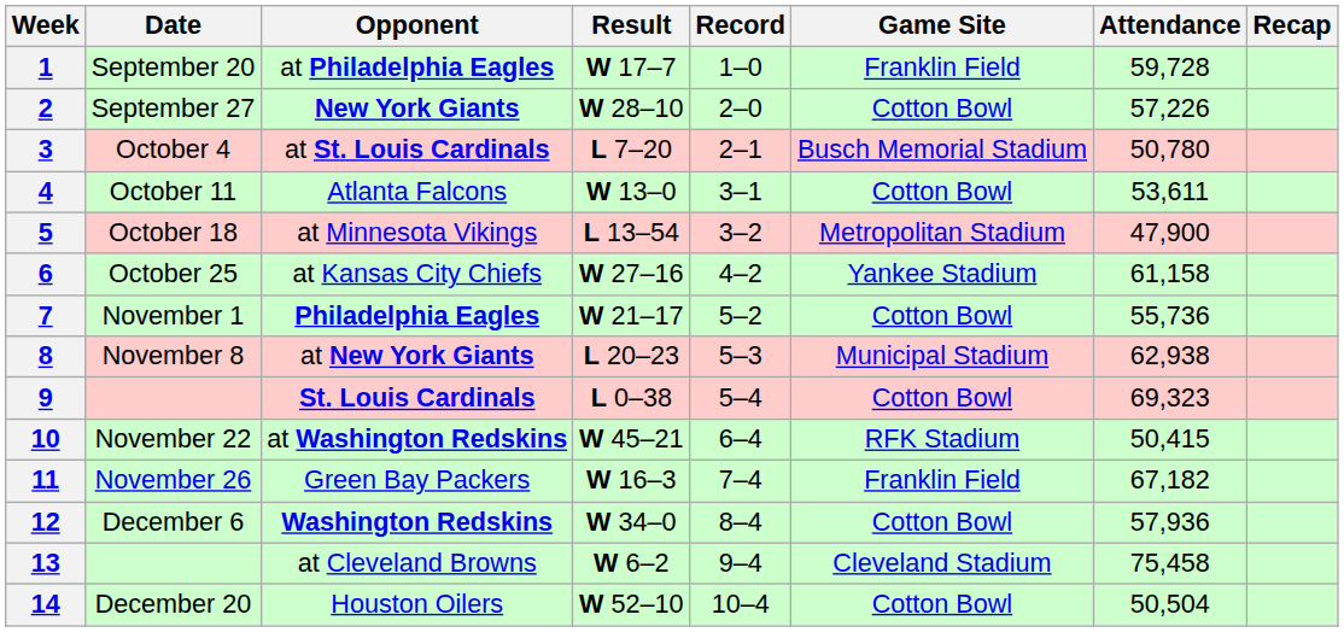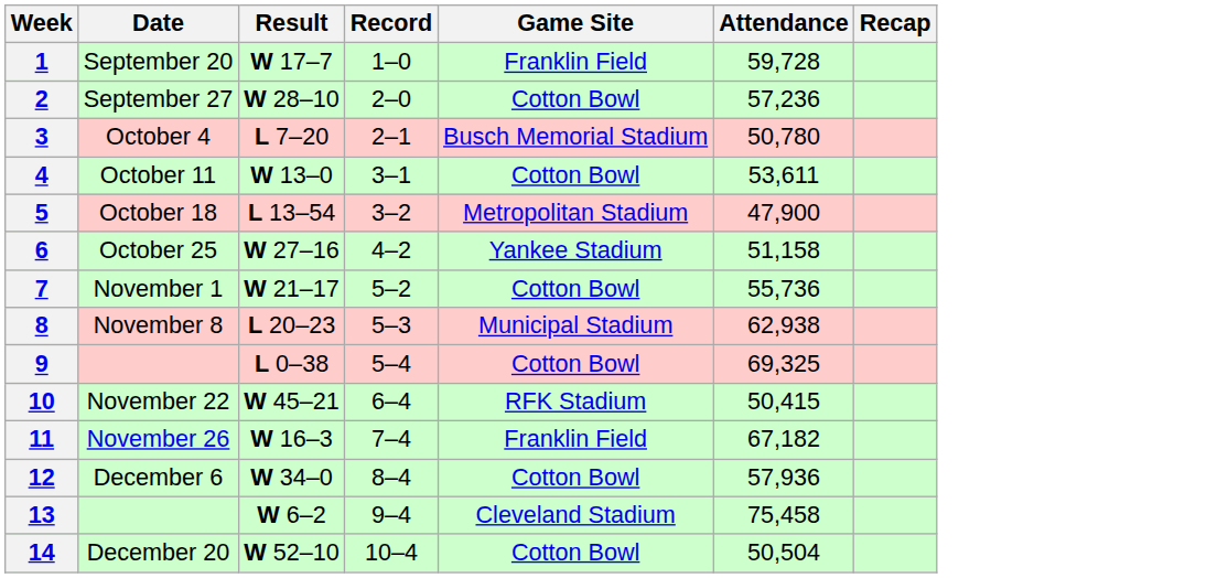 <table class="wikitable" style="text-align:center">
 <tr>
 <th>Week</th>
 <th>Date</th>
-<th>Opponent</th>
 <th>Result</th>
 <th>Record</th>
 <th>Game Site</th>
 <th>Attendance</th>
 <th>Recap</th>
 </tr>
 <tr style="background: #cfc">
 <th><a href='#'>1</a></th>
 <td>September 20</td>
-<td>at <strong><a href='#'>Philadelphia Eagles</a></strong></td>
 <td><strong>W</strong> 17–7</td>
 <td>1–0</td>
 <td><a href='#'>Franklin Field</a></td>
 <td>59,728</td>
 <td></td>
 </tr>
 <tr style="background: #cfc">
 <th><a href='#'>2</a></th>
 <td>September 27</td>
-<td><strong><a href='#'>New York Giants</a></strong></td>
 <td><strong>W</strong> 28–10</td>
 <td>2–0</td>
 <td><a href='#'>Cotton Bowl</a></td>
-<td>57,226</td>
+<td>57,236</td>
 <td></td>
 </tr>
 <tr style="background: #fcc">
 <th><a href='#'>3</a></th>
 <td>October 4</td>
-<td>at <strong><a href='#'>St. Louis Cardinals</a></strong></td>
 <td><strong>L</strong> 7–20</td>
 <td>2–1</td>
 <td><a href='#'>Busch Memorial Stadium</a></td>
 <td>50,780</td>
 <td></td>
 </tr>
 <tr style="background: #cfc">
 <th><a href='#'>4</a></th>
 <td>October 11</td>
-<td><a href='#'>Atlanta Falcons</a></td>
 <td><strong>W</strong> 13–0</td>
 <td>3–1</td>
 <td><a href='#'>Cotton Bowl</a></td>
 <td>53,611</td>
 <td></td>
 </tr>
 <tr style="background: #fcc">
 <th><a href='#'>5</a></th>
 <td>October 18</td>
-<td>at <a href='#'>Minnesota Vikings</a></td>
 <td><strong>L</strong> 13–54</td>
 <td>3–2</td>
 <td><a href='#'>Metropolitan Stadium</a></td>
 <td>47,900</td>
 <td></td>
 </tr>
 <tr style="background: #cfc">
 <th><a href='#'>6</a></th>
 <td>October 25</td>
-<td>at <a href='#'>Kansas City Chiefs</a></td>
 <td><strong>W</strong> 27–16</td>
 <td>4–2</td>
 <td><a href='#'>Yankee Stadium</a></td>
-<td>61,158</td>
+<td>51,158</td>
 <td></td>
 </tr>
 <tr style="background: #cfc">
 <th><a href='#'>7</a></th>
 <td>November 1</td>
-<td><strong><a href='#'>Philadelphia Eagles</a></strong></td>
 <td><strong>W</strong> 21–17</td>
 <td>5–2</td>
 <td><a href='#'>Cotton Bowl</a></td>
 <td>55,736</td>
 <td></td>
 </tr>
 <tr style="background: #fcc">
 <th><a href='#'>8</a></th>
 <td>November 8</td>
-<td>at <strong><a href='#'>New York Giants</a></strong></td>
 <td><strong>L</strong> 20–23</td>
 <td>5–3</td>
 <td><a href='#'>Municipal Stadium</a></td>
 <td>62,938</td>
 <td></td>
 </tr>
 <tr style="background: #fcc">
 <th><a href='#'>9</a></th>
 <td></td>
-<td><strong><a href='#'>St. Louis Cardinals</a></strong></td>
 <td><strong>L</strong> 0–38</td>
 <td>5–4</td>
 <td><a href='#'>Cotton Bowl</a></td>
-<td>69,323</td>
+<td>69,325</td>
 <td></td>
 </tr>
 <tr style="background: #cfc">
 <th><a href='#'>10</a></th>
 <td>November 22</td>
-<td>at <strong><a href='#'>Washington Redskins</a></strong></td>
 <td><strong>W</strong> 45–21</td>
 <td>6–4</td>
 <td><a href='#'>RFK Stadium</a></td>
 <td>50,415</td>
 <td></td>
 </tr>
 <tr style="background: #cfc">
 <th><a href='#'>11</a></th>
 <td><a href='#'>November 26</a></td>
-<td><a href='#'>Green Bay Packers</a></td>
 <td><strong>W</strong> 16–3</td>
 <td>7–4</td>
 <td><a href='#'>Franklin Field</a></td>
 <td>67,182</td>
 <td></td>
 </tr>
 <tr style="background: #cfc">
 <th><a href='#'>12</a></th>
 <td>December 6</td>
-<td><strong><a href='#'>Washington Redskins</a></strong></td>
 <td><strong>W</strong> 34–0</td>
 <td>8–4</td>
 <td><a href='#'>Cotton Bowl</a></td>
 <td>57,936</td>
 <td></td>
 </tr>
 <tr style="background: #cfc">
 <th><a href='#'>13</a></th>
 <td></td>
-<td>at <a href='#'>Cleveland Browns</a></td>
 <td><strong>W</strong> 6–2</td>
 <td>9–4</td>
 <td><a href='#'>Cleveland Stadium</a></td>
 <td>75,458</td>
 <td></td>
 </tr>
 <tr style="background: #cfc">
 <th><a href='#'>14</a></th>
 <td>December 20</td>
-<td><a href='#'>Houston Oilers</a></td>
 <td><strong>W</strong> 52–10</td>
 <td>10–4</td>
 <td><a href='#'>Cotton Bowl</a></td>
 <td>50,504</td>
 <td></td>
 </tr>
 </table>
